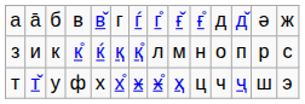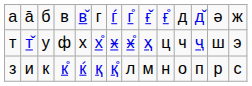 <table class="wikitable" style="text-align: center;">
 <tr>
 <td>а</td>
 <td>а̄</td>
 <td>б</td>
 <td>в</td>
 <td><a href='#'>в̌</a></td>
 <td>г</td>
 <td><a href='#'>ѓ</a></td>
 <td><a href='#'>г̊</a></td>
 <td><a href='#'>ғ̌</a></td>
 <td><a href='#'>ғ̊</a></td>
 <td>д</td>
 <td><a href='#'>д̌</a></td>
 <td>ә</td>
 <td>ж</td>
 </tr>
 <tr>
+<td>т</td>
+<td><a href='#'>т̌</a></td>
+<td>у</td>
+<td>ф</td>
+<td>х</td>
+<td><a href='#'>х̊</a></td>
+<td><a href='#'>ӿ</a></td>
+<td><a href='#'>ӿ̊</a></td>
+<td><a href='#'>ҳ</a></td>
+<td>ц</td>
+<td>ч</td>
+<td><a href='#'>ҷ</a></td>
+<td>ш</td>
+<td>э</td>
+</tr>
+<tr>
 <td>з</td>
 <td>и</td>
 <td>к</td>
 <td><a href='#'>к̊</a></td>
 <td><a href='#'>ќ</a></td>
 <td><a href='#'>қ</a></td>
 <td><a href='#'>қ̊</a></td>
 <td>л</td>
 <td>м</td>
 <td>н</td>
 <td>о</td>
 <td>п</td>
 <td>р</td>
 <td>с</td>
 </tr>
-<tr>
-<td>т</td>
-<td><a href='#'>т̌</a></td>
-<td>у</td>
-<td>ф</td>
-<td>х</td>
-<td><a href='#'>х̊</a></td>
-<td><a href='#'>ӿ</a></td>
-<td><a href='#'>ӿ̊</a></td>
-<td><a href='#'>ҳ</a></td>
-<td>ц</td>
-<td>ч</td>
-<td><a href='#'>ҷ</a></td>
-<td>ш</td>
-<td>э</td>
-</tr>
 </table>
